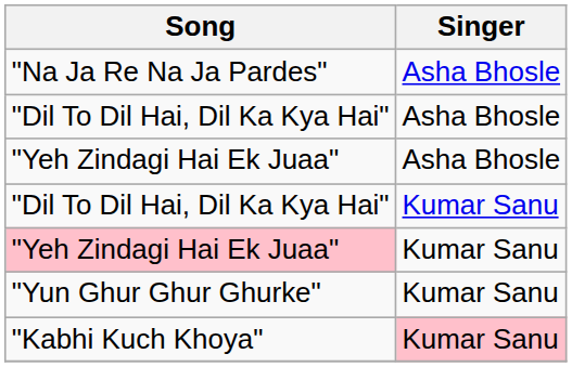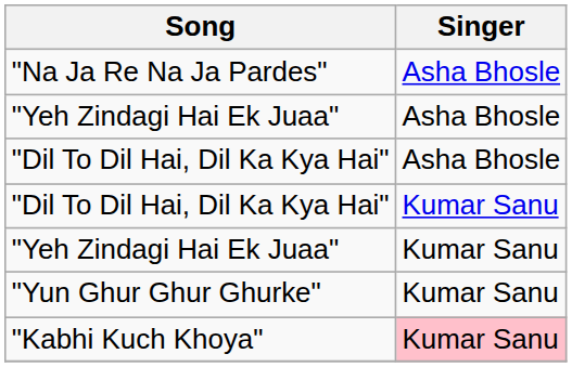 <table class="wikitable">
 <tr>
 <th>Song</th>
 <th>Singer</th>
 </tr>
 <tr>
 <td>"Na Ja Re Na Ja Pardes"</td>
 <td><a href='#'>Asha Bhosle</a></td>
 </tr>
 <tr>
-<td>"Dil To Dil Hai, Dil Ka Kya Hai"</td>
+<td>"Yeh Zindagi Hai Ek Juaa"</td>
 <td>Asha Bhosle</td>
 </tr>
 <tr>
-<td>"Yeh Zindagi Hai Ek Juaa"</td>
+<td>"Dil To Dil Hai, Dil Ka Kya Hai"</td>
 <td>Asha Bhosle</td>
 </tr>
 <tr>
 <td>"Dil To Dil Hai, Dil Ka Kya Hai"</td>
 <td><a href='#'>Kumar Sanu</a></td>
 </tr>
 <tr>
-<td style="background: pink;">"Yeh Zindagi Hai Ek Juaa"</td>
+<td>"Yeh Zindagi Hai Ek Juaa"</td>
 <td>Kumar Sanu</td>
 </tr>
 <tr>
 <td>"Yun Ghur Ghur Ghurke"</td>
 <td>Kumar Sanu</td>
 </tr>
 <tr>
 <td>"Kabhi Kuch Khoya"</td>
 <td style="background: pink;">Kumar Sanu</td>
 </tr>
 <tr>
 </tr>
 </table>
